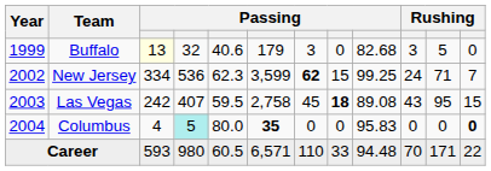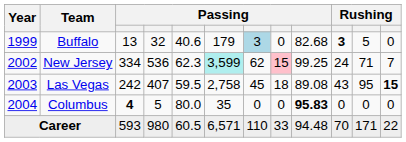 <table class="wikitable sortable" style="text-align:center">
 <tr>
 <th rowspan=2>Year</th>
 <th rowspan=2>Team</th>
 <th colspan=7>Passing</th>
 <th colspan=3>Rushing</th>
 </tr>
 <tr>
 <th></th>
 <th></th>
 <th></th>
 <th></th>
 <th></th>
 <th></th>
 <th></th>
 <th></th>
 <th></th>
 <th></th>
 </tr>
 <tr>
 <td><a href='#'>1999</a></td>
 <td><a href='#'>Buffalo</a></td>
-<td style="background: lightyellow;">13</td>
+<td>13</td>
 <td>32</td>
 <td>40.6</td>
 <td>179</td>
-<td>3</td>
+<td style="background: lightblue;">3</td>
 <td>0</td>
 <td>82.68</td>
-<td>3</td>
+<td><strong>3</strong></td>
 <td>5</td>
 <td>0</td>
 </tr>
 <tr>
 <td><a href='#'>2002</a></td>
 <td><a href='#'>New Jersey</a></td>
 <td>334</td>
 <td>536</td>
 <td>62.3</td>
-<td>3,599</td>
-<td><strong>62</strong></td>
-<td>15</td>
+<td style="background: paleturquoise;">3,599</td>
+<td>62</td>
+<td style="background: pink;">15</td>
 <td>99.25</td>
 <td>24</td>
 <td>71</td>
 <td>7</td>
 </tr>
 <tr>
 <td><a href='#'>2003</a></td>
 <td><a href='#'>Las Vegas</a></td>
 <td>242</td>
 <td>407</td>
 <td>59.5</td>
 <td>2,758</td>
 <td>45</td>
-<td><strong>18</strong></td>
+<td>18</td>
 <td>89.08</td>
 <td>43</td>
 <td>95</td>
-<td>15</td>
+<td><strong>15</strong></td>
 </tr>
 <tr>
 <td><a href='#'>2004</a></td>
 <td><a href='#'>Columbus</a></td>
-<td>4</td>
-<td style="background: paleturquoise;">5</td>
+<td><strong>4</strong></td>
+<td>5</td>
 <td>80.0</td>
-<td><strong>35</strong></td>
+<td>35</td>
 <td>0</td>
 <td>0</td>
-<td>95.83</td>
+<td><strong>95.83</strong></td>
 <td>0</td>
 <td>0</td>
-<td><strong>0</strong></td>
+<td>0</td>
 </tr>
 <tr class="sortbottom" style="background:#eee;">
 <td colspan=2><strong>Career</strong></td>
 <td>593</td>
 <td>980</td>
 <td>60.5</td>
 <td>6,571</td>
 <td>110</td>
 <td>33</td>
 <td>94.48</td>
 <td>70</td>
 <td>171</td>
 <td>22</td>
 </tr>
 </table>
